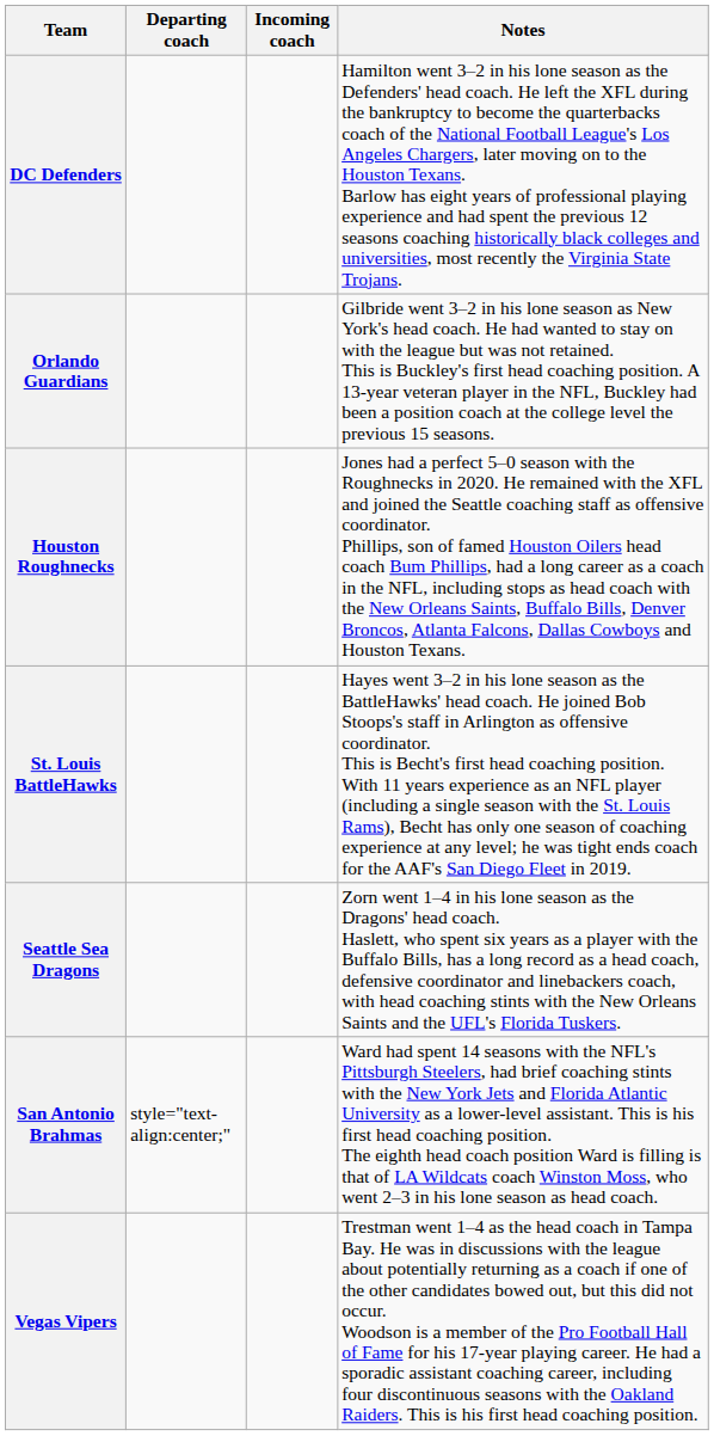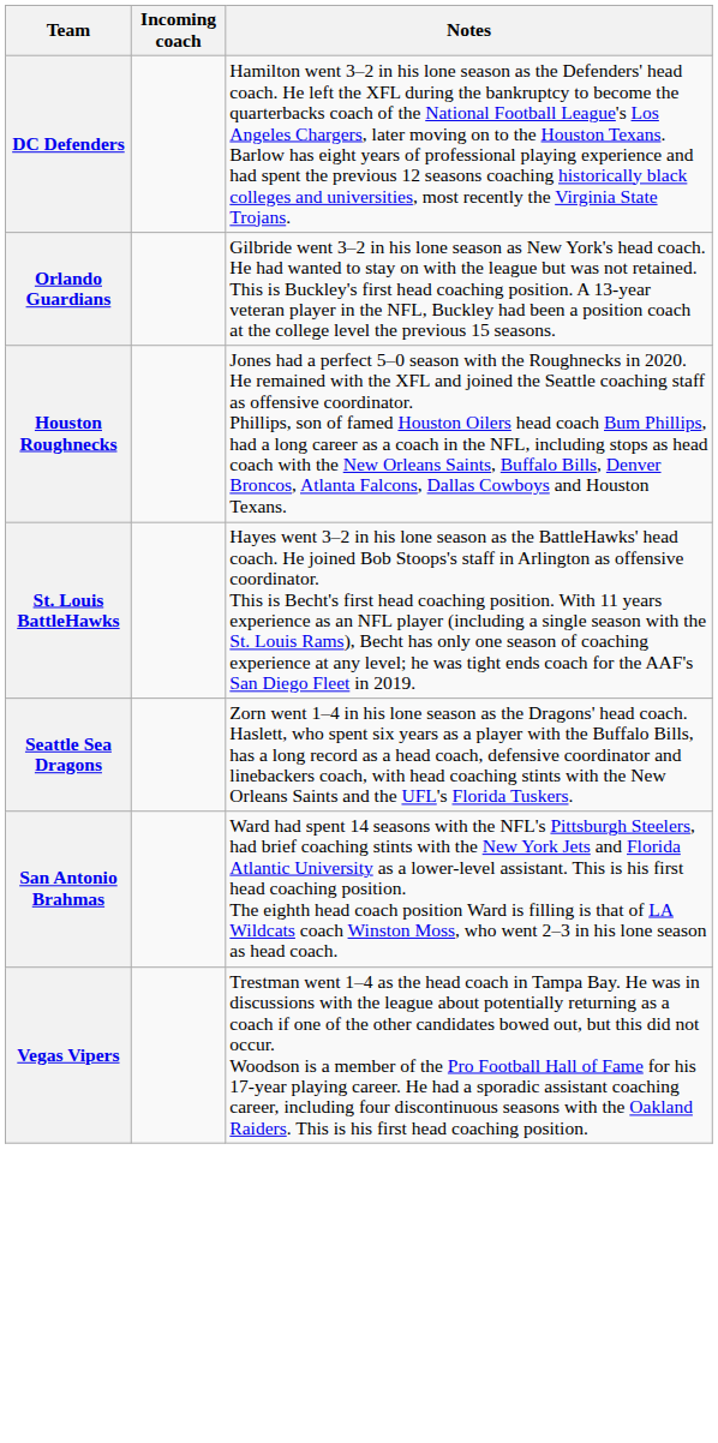 <table class="wikitable sortable plainrowheaders">
 <tr>
 <th scope="col">Team</th>
-<th scope="col">Departing coach</th>
 <th scope="col">Incoming coach</th>
 <th scope="col" class="unsortable">Notes</th>
 </tr>
 <tr>
 <th scope="row" style="text-align:center;"><a href='#'>DC Defenders</a></th>
 <td style="text-align:center;"></td>
-<td style="text-align:center;"></td>
 <td>Hamilton went 3–2 in his lone season as the Defenders' head coach. He left the XFL during the bankruptcy to become the quarterbacks coach of the <a href='#'>National Football League</a>'s <a href='#'>Los Angeles Chargers</a>, later moving on to the <a href='#'>Houston Texans</a>.<br>Barlow has eight years of professional playing experience and had spent the previous 12 seasons coaching <a href='#'>historically black colleges and universities</a>, most recently the <a href='#'>Virginia State Trojans</a>.</td>
 </tr>
 <tr>
 <th scope="row" style="text-align:center;"><a href='#'>Orlando Guardians</a></th>
-<td style="text-align:center;"></td>
 <td style="text-align:center;"></td>
 <td>Gilbride went 3–2 in his lone season as New York's head coach. He had wanted to stay on with the league but was not retained.<br>This is Buckley's first head coaching position. A 13-year veteran player in the NFL, Buckley had been a position coach at the college level the previous 15 seasons.</td>
 </tr>
 <tr>
 <th scope="row" style="text-align:center;"><a href='#'>Houston Roughnecks</a></th>
 <td style="text-align:center;"></td>
-<td style="text-align:center;"></td>
 <td>Jones had a perfect 5–0 season with the Roughnecks in 2020. He remained with the XFL and joined the Seattle coaching staff as offensive coordinator.<br>Phillips, son of famed <a href='#'>Houston Oilers</a> head coach <a href='#'>Bum Phillips</a>, had a long career as a coach in the NFL, including stops as head coach with the <a href='#'>New Orleans Saints</a>, <a href='#'>Buffalo Bills</a>, <a href='#'>Denver Broncos</a>, <a href='#'>Atlanta Falcons</a>, <a href='#'>Dallas Cowboys</a> and Houston Texans.</td>
 </tr>
 <tr>
 <th scope="row" style="text-align:center;"><a href='#'>St. Louis BattleHawks</a></th>
-<td style="text-align:center;"></td>
 <td style="text-align:center;"></td>
 <td>Hayes went 3–2 in his lone season as the BattleHawks' head coach. He joined Bob Stoops's staff in Arlington as offensive coordinator.<br>This is Becht's first head coaching position. With 11 years experience as an NFL player (including a single season with the <a href='#'>St. Louis Rams</a>), Becht has only one season of coaching experience at any level; he was tight ends coach for the AAF's <a href='#'>San Diego Fleet</a> in 2019.</td>
 </tr>
 <tr>
 <th scope="row" style="text-align:center;"><a href='#'>Seattle Sea Dragons</a></th>
 <td style="text-align:center;"></td>
-<td style="text-align:center;"></td>
 <td>Zorn went 1–4 in his lone season as the Dragons' head coach.<br>Haslett, who spent six years as a player with the Buffalo Bills, has a long record as a head coach, defensive coordinator and linebackers coach, with head coaching stints with the New Orleans Saints and the <a href='#'>UFL</a>'s <a href='#'>Florida Tuskers</a>.</td>
 </tr>
 <tr>
 <th scope="row" style="text-align:center;"><a href='#'>San Antonio Brahmas</a></th>
-<td>style="text-align:center;"  </td>
 <td style="text-align:center;"></td>
 <td>Ward had spent 14 seasons with the NFL's <a href='#'>Pittsburgh Steelers</a>, had brief coaching stints with the <a href='#'>New York Jets</a> and <a href='#'>Florida Atlantic University</a> as a lower-level assistant. This is his first head coaching position.<br>The eighth head coach position Ward is filling is that of <a href='#'>LA Wildcats</a> coach <a href='#'>Winston Moss</a>, who went 2–3 in his lone season as head coach.</td>
 </tr>
 <tr>
 <th scope="row" style="text-align:center;"><a href='#'>Vegas Vipers</a></th>
 <td style="text-align:center;"></td>
-<td style="text-align:center;"></td>
 <td>Trestman went 1–4 as the head coach in Tampa Bay. He was in discussions with the league about potentially returning as a coach if one of the other candidates bowed out, but this did not occur.<br>Woodson is a member of the <a href='#'>Pro Football Hall of Fame</a> for his 17-year playing career. He had a sporadic assistant coaching career, including four discontinuous seasons with the <a href='#'>Oakland Raiders</a>. This is his first head coaching position.</td>
 </tr>
 </table>
